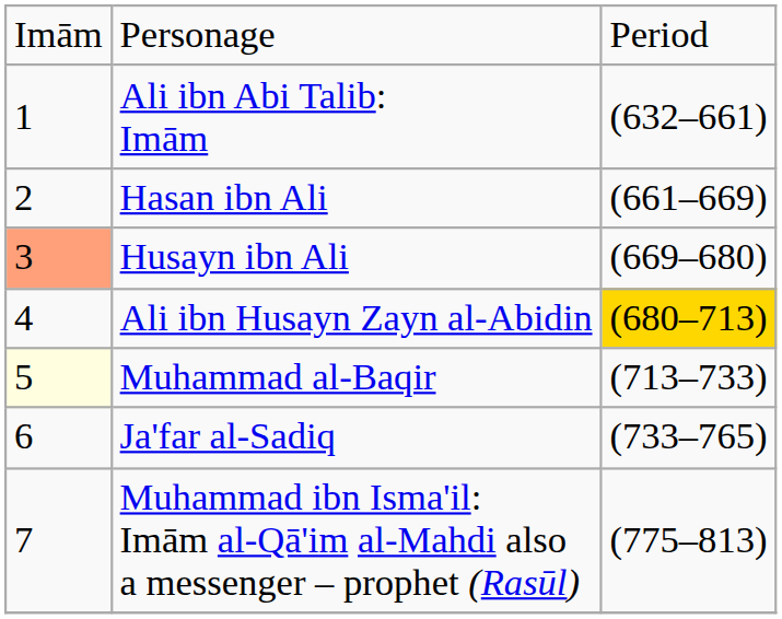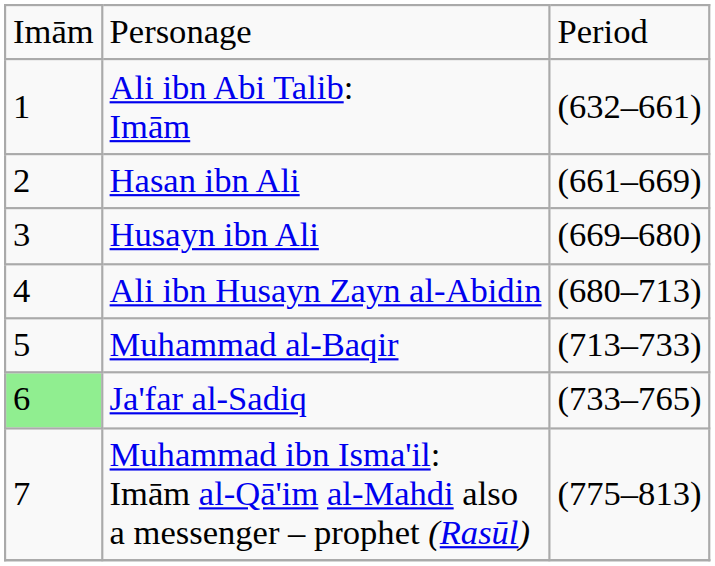 <table class="wikitable">
 <tr>
 <td>Imām</td>
 <td>Personage</td>
 <td>Period</td>
 </tr>
 <tr>
 <td>1</td>
 <td><a href='#'>Ali ibn Abi Talib</a>:<br><a href='#'>Imām</a></td>
 <td>(632–661)</td>
 </tr>
 <tr>
 <td>2</td>
 <td><a href='#'>Hasan ibn Ali</a></td>
 <td>(661–669)</td>
 </tr>
 <tr>
-<td style="background: lightsalmon;">3</td>
+<td>3</td>
 <td><a href='#'>Husayn ibn Ali</a></td>
 <td>(669–680)</td>
 </tr>
 <tr>
 <td>4</td>
 <td><a href='#'>Ali ibn Husayn Zayn al-Abidin</a></td>
-<td style="background: gold;">(680–713)</td>
+<td>(680–713)</td>
 </tr>
 <tr>
-<td style="background: lightyellow;">5</td>
+<td>5</td>
 <td><a href='#'>Muhammad al-Baqir</a></td>
 <td>(713–733)</td>
 </tr>
 <tr>
-<td>6</td>
+<td style="background: lightgreen;">6</td>
 <td><a href='#'>Ja'far al-Sadiq</a></td>
 <td>(733–765)</td>
 </tr>
 <tr>
 <td>7</td>
 <td><a href='#'>Muhammad ibn Isma'il</a>:<br>Imām <a href='#'>al-Qā'im</a> <a href='#'>al-Mahdi</a> also<br>a messenger – prophet <em>(<a href='#'>Rasūl</a>)</em></td>
 <td>(775–813)</td>
 </tr>
 <tr>
 </tr>
 </table>
